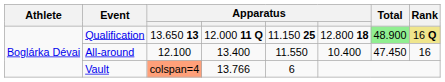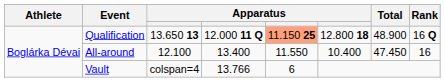 <table class="wikitable" style="font-size:90%">
 <tr>
 <th rowspan=2>Athlete</th>
 <th rowspan=2>Event</th>
 <th colspan =4>Apparatus</th>
 <th rowspan=2>Total</th>
 <th rowspan=2>Rank</th>
 </tr>
 <tr style="font-size:95%">
 <th></th>
 <th></th>
 <th></th>
 <th></th>
 </tr>
 <tr align=center>
 <td align=left rowspan=3><a href='#'>Boglárka Dévai</a></td>
 <td align=left><a href='#'>Qualification</a></td>
 <td>13.650	<strong>13	</strong></td>
 <td>12.000	<strong>11 Q</strong></td>
-<td>11.150	<strong>25</strong></td>
+<td style="background: lightsalmon;">11.150	<strong>25</strong></td>
 <td>12.800	<strong>18</strong></td>
-<td style="background: lightgreen;">48.900</td>
-<td style="background: khaki;">16 <strong>Q</strong></td>
+<td>48.900</td>
+<td>16 <strong>Q</strong></td>
 </tr>
 <tr align=center>
 <td align=left><a href='#'>All-around</a></td>
 <td>12.100</td>
 <td>13.400</td>
 <td>11.550</td>
 <td>10.400</td>
 <td>47.450</td>
 <td>16</td>
 </tr>
 <tr align=center>
 <td align=left><a href='#'>Vault</a></td>
-<td style="background: lightsalmon;">colspan=4 </td>
+<td>colspan=4 </td>
 <td>13.766</td>
 <td>6</td>
 </tr>
 </table>
